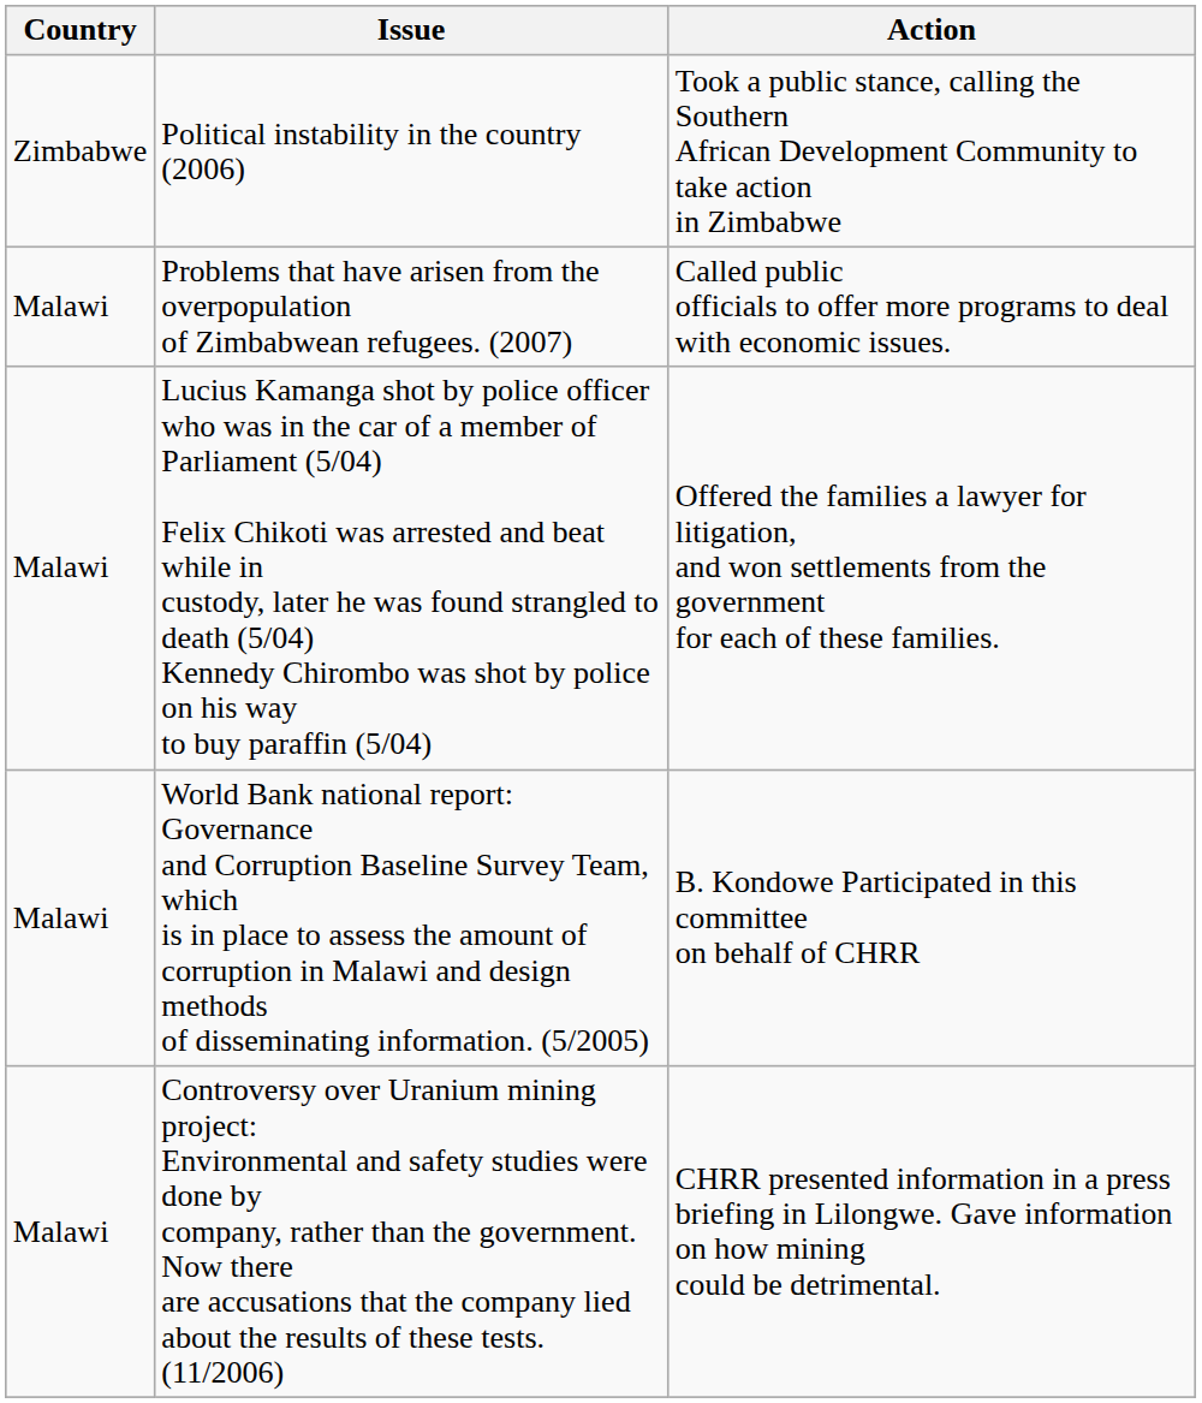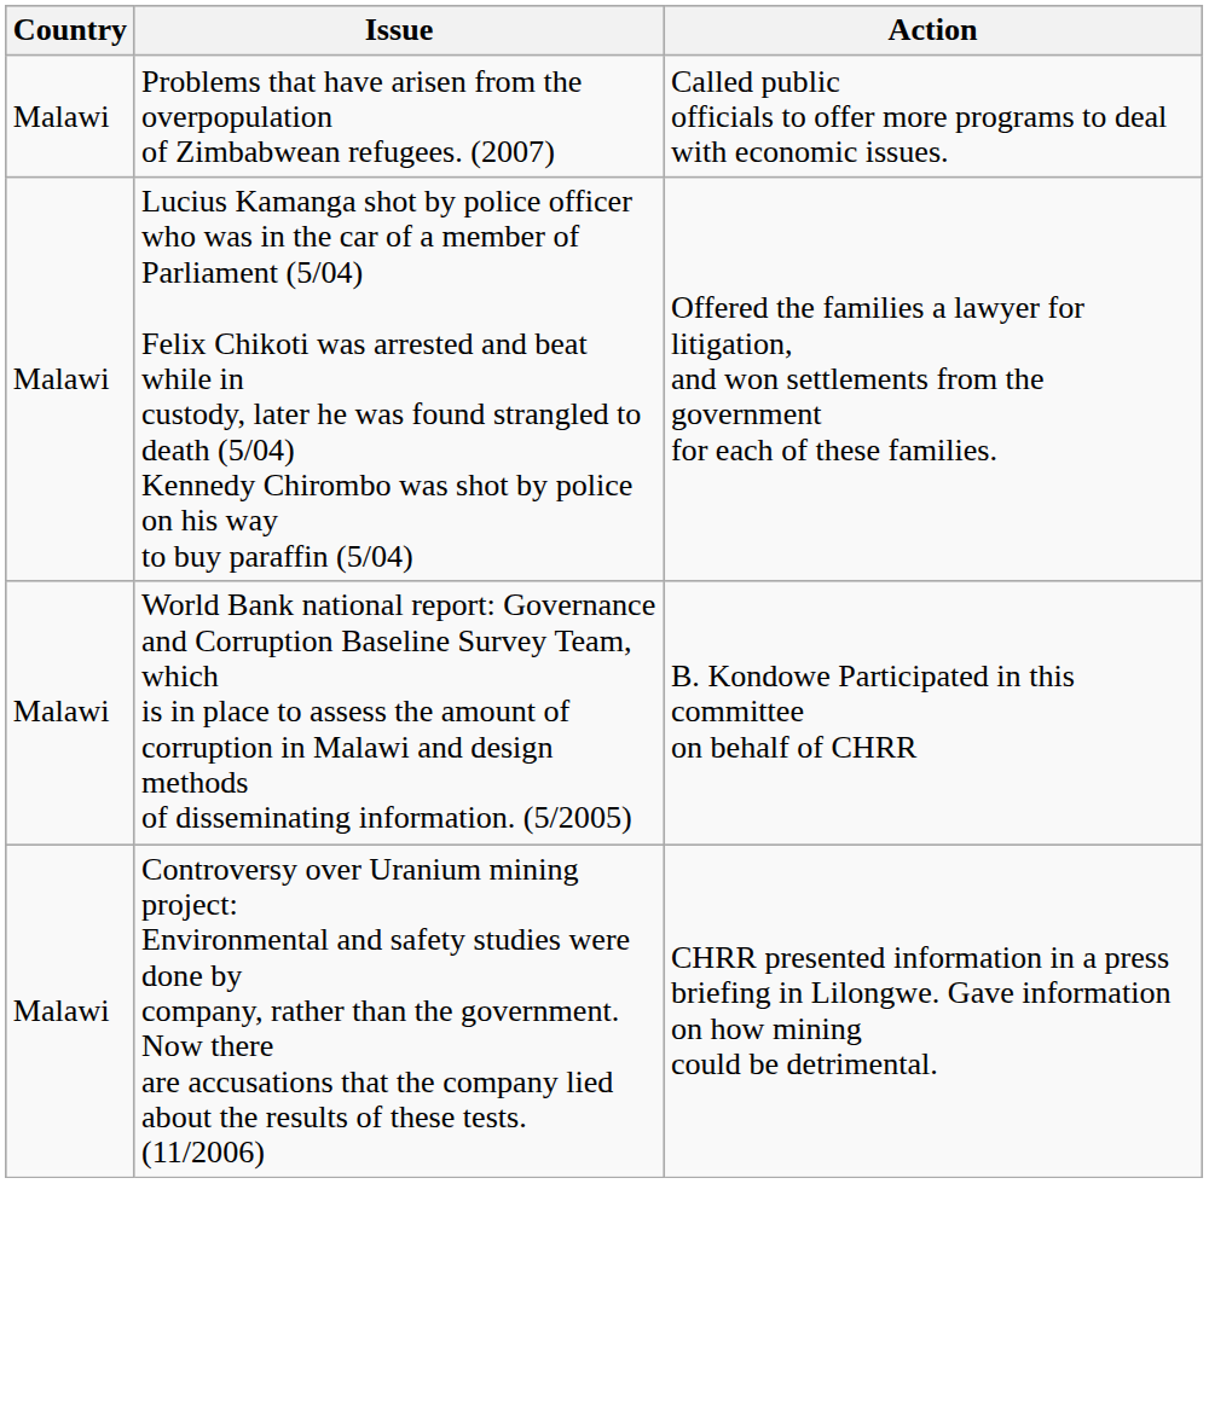 <table class="wikitable">
 <tr>
 <th>Country</th>
 <th>Issue</th>
 <th>Action</th>
-</tr>
-<tr>
-<td>Zimbabwe</td>
-<td>Political instability in the country (2006)</td>
-<td>Took a public stance, calling the Southern<br> African Development Community to take action<br> in Zimbabwe </td>
 </tr>
 <tr>
 <td>Malawi</td>
 <td>Problems that have arisen from the overpopulation <br>of Zimbabwean refugees. (2007)</td>
 <td>Called public <br>officials to offer more programs to deal <br>with economic issues.</td>
 </tr>
 <tr>
 <td>Malawi</td>
 <td>Lucius Kamanga shot by police officer <br>who was in the car of a member of Parliament (5/04) <br><br>Felix Chikoti was arrested and beat while in <br>custody, later he was found strangled to death (5/04)<br> Kennedy Chirombo was shot by police on his way <br>to buy paraffin (5/04)</td>
 <td>Offered the families a lawyer for litigation,<br> and won settlements from the government <br>for each of these families.</td>
 </tr>
 <tr>
 <td>Malawi</td>
 <td>World Bank national report: Governance <br>and Corruption Baseline Survey Team, which <br>is in place to assess the amount of <br>corruption in Malawi and design methods <br>of disseminating information. (5/2005)</td>
 <td>B. Kondowe Participated in this committee <br>on behalf of CHRR </td>
 </tr>
 <tr>
 <td>Malawi</td>
 <td>Controversy over Uranium mining project:<br> Environmental and safety studies were done by<br> company, rather than the government. Now there <br>are accusations that the company lied<br> about the results of these tests. (11/2006)</td>
 <td>CHRR presented information in a press <br>briefing in Lilongwe. Gave information on how mining<br> could be detrimental.</td>
 </tr>
 </table>
